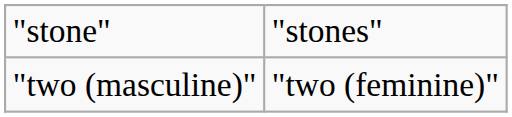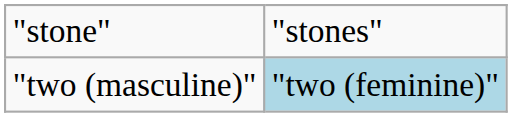 <table class="wikitable">
 <tr>
 <td> "stone"</td>
 <td> "stones"</td>
 </tr>
 <tr>
 <td> "two (masculine)"</td>
-<td> "two (feminine)"</td>
+<td style="background: lightblue;"> "two (feminine)"</td>
 </tr>
 </table>
